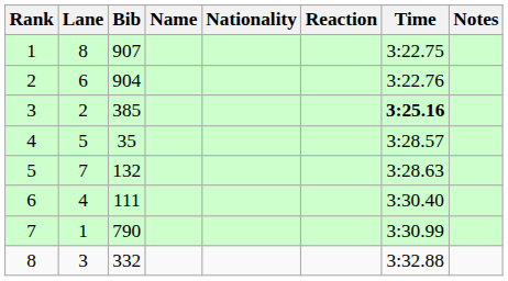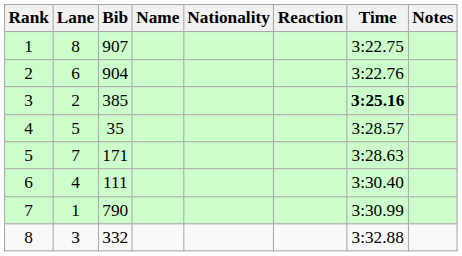 <table class="wikitable sortable" style="text-align:center">
 <tr>
 <th>Rank</th>
 <th>Lane</th>
 <th>Bib</th>
 <th>Name</th>
 <th>Nationality</th>
 <th>Reaction</th>
 <th>Time</th>
 <th>Notes</th>
 </tr>
 <tr bgcolor=ccffcc>
 <td>1</td>
 <td>8</td>
 <td>907</td>
 <td align=left></td>
 <td align=left></td>
 <td></td>
 <td>3:22.75</td>
 <td><strong></strong></td>
 </tr>
 <tr bgcolor=ccffcc>
 <td>2</td>
 <td>6</td>
 <td>904</td>
 <td align=left></td>
 <td align=left></td>
 <td></td>
 <td>3:22.76</td>
 <td><strong></strong></td>
 </tr>
 <tr bgcolor=ccffcc>
 <td>3</td>
 <td>2</td>
 <td>385</td>
 <td align=left></td>
 <td align=left></td>
 <td></td>
 <td><strong>3:25.16</strong></td>
 <td><strong></strong></td>
 </tr>
 <tr bgcolor=ccffcc>
 <td>4</td>
 <td>5</td>
 <td>35</td>
 <td align=left></td>
 <td align=left></td>
 <td></td>
 <td>3:28.57</td>
 <td><strong></strong></td>
 </tr>
 <tr bgcolor=ccffcc>
 <td>5</td>
 <td>7</td>
-<td>132</td>
+<td>171</td>
 <td align=left></td>
 <td align=left></td>
 <td></td>
 <td>3:28.63</td>
 <td><strong></strong></td>
 </tr>
 <tr bgcolor=ccffcc>
 <td>6</td>
 <td>4</td>
 <td>111</td>
 <td align=left></td>
 <td align=left></td>
 <td></td>
 <td>3:30.40</td>
 <td><strong></strong></td>
 </tr>
 <tr bgcolor=ccffcc>
 <td>7</td>
 <td>1</td>
 <td>790</td>
 <td align=left></td>
 <td align=left></td>
 <td></td>
 <td>3:30.99</td>
 <td><strong></strong></td>
 </tr>
 <tr>
 <td>8</td>
 <td>3</td>
 <td>332</td>
 <td align=left></td>
 <td align=left></td>
 <td></td>
 <td>3:32.88</td>
 <td></td>
 </tr>
 </table>
